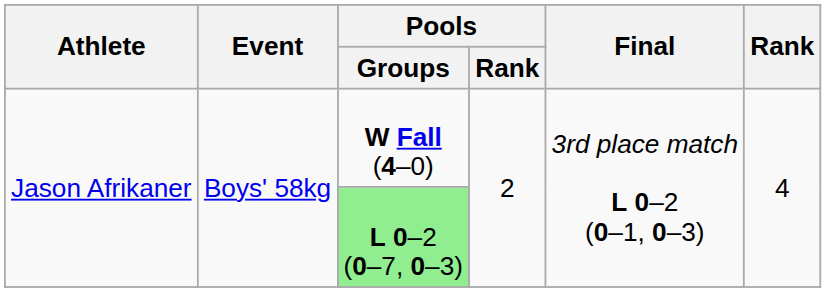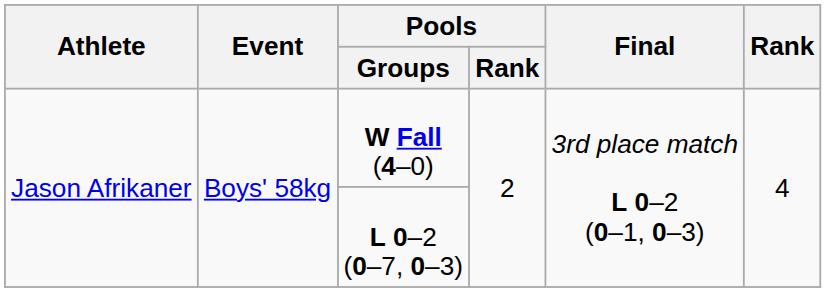 <table class="wikitable" style="text-align:left; font-size:90%">
 <tr>
 <th rowspan="2">Athlete</th>
 <th rowspan="2">Event</th>
 <th colspan="2">Pools</th>
 <th rowspan="2">Final</th>
 <th rowspan="2">Rank</th>
 </tr>
 <tr>
 <th>Groups</th>
 <th>Rank</th>
 </tr>
 <tr>
 <td rowspan="2"><a href='#'>Jason Afrikaner</a></td>
 <td rowspan="2"><a href='#'>Boys' 58kg</a></td>
 <td align=center><br><strong>W</strong> <strong><a href='#'>Fall</a></strong><br>(<strong>4</strong>–0)</td>
 <td rowspan="2" align=center>2</td>
 <td align=center rowspan=2><em>3rd place match</em><br><br><strong>L</strong> <strong>0</strong>–2<br>(<strong>0</strong>–1, <strong>0</strong>–3)</td>
 <td rowspan="2" align="center">4</td>
 </tr>
 <tr>
-<td align=center style="background: lightgreen;"><br><strong>L</strong> <strong>0</strong>–2<br>(<strong>0</strong>–7, <strong>0</strong>–3)</td>
+<td align=center><br><strong>L</strong> <strong>0</strong>–2<br>(<strong>0</strong>–7, <strong>0</strong>–3)</td>
 </tr>
 </table>
